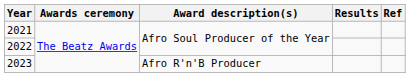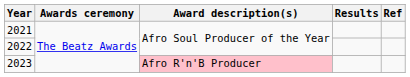 <table class="wikitable">
 <tr>
 <th>Year</th>
 <th>Awards ceremony</th>
 <th>Award description(s)</th>
 <th>Results</th>
 <th>Ref</th>
 </tr>
 <tr>
 <td>2021</td>
 <td rowspan="3"><a href='#'>The Beatz Awards</a></td>
 <td rowspan="2">Afro Soul Producer of the Year</td>
 <td></td>
 <td></td>
 </tr>
 <tr>
 <td>2022</td>
 <td></td>
 <td></td>
 </tr>
 <tr>
 <td>2023</td>
-<td>Afro R'n'B Producer</td>
+<td style="background: pink;">Afro R'n'B Producer</td>
 <td></td>
 <td></td>
 </tr>
 </table>
